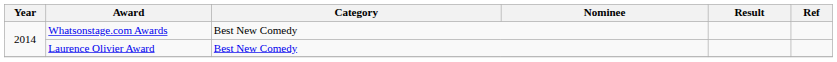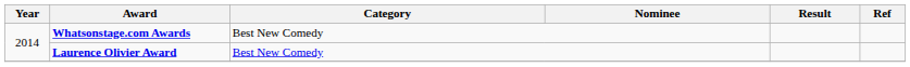 <table class="wikitable" width="95%">
 <tr>
 <th width="5%">Year</th>
 <th width="20%">Award</th>
 <th width="35%">Category</th>
 <th width="25%">Nominee</th>
 <th width="10%">Result</th>
 <th width="5%">Ref</th>
 </tr>
 <tr>
 <td rowspan="2" align="center">2014</td>
-<td rowspan="1"><a href='#'>Whatsonstage.com Awards</a></td>
+<td rowspan="1"><strong><a href='#'>Whatsonstage.com Awards</a></strong></td>
 <td colspan="2">Best New Comedy</td>
 <td></td>
 <td rowspan="1" align="center"></td>
 </tr>
 <tr>
-<td rowspan="1"><a href='#'>Laurence Olivier Award</a></td>
+<td rowspan="1"><strong><a href='#'>Laurence Olivier Award</a></strong></td>
 <td colspan="2"><a href='#'>Best New Comedy</a></td>
 <td></td>
 <td rowspan="1" align="center"></td>
 </tr>
 <tr>
 </tr>
 </table>
